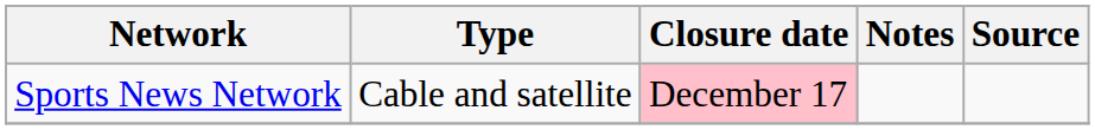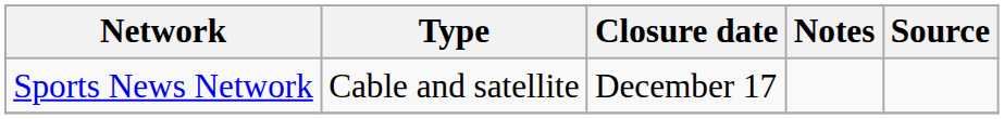 <table class="wikitable sortable">
 <tr>
 <th>Network</th>
 <th>Type</th>
 <th>Closure date</th>
 <th>Notes</th>
 <th>Source</th>
 </tr>
 <tr>
 <td><a href='#'>Sports News Network</a></td>
 <td>Cable and satellite</td>
-<td style="background: pink;">December 17</td>
+<td>December 17</td>
 <td></td>
 <td></td>
 </tr>
 <tr>
 </tr>
 </table>
